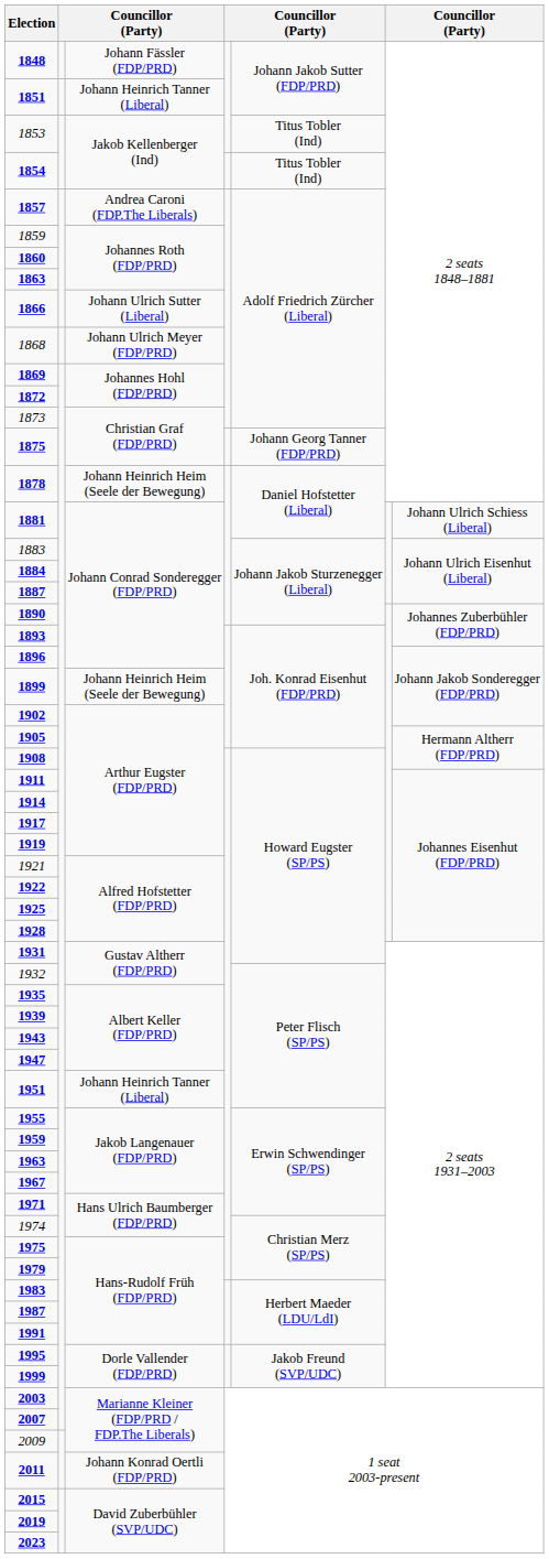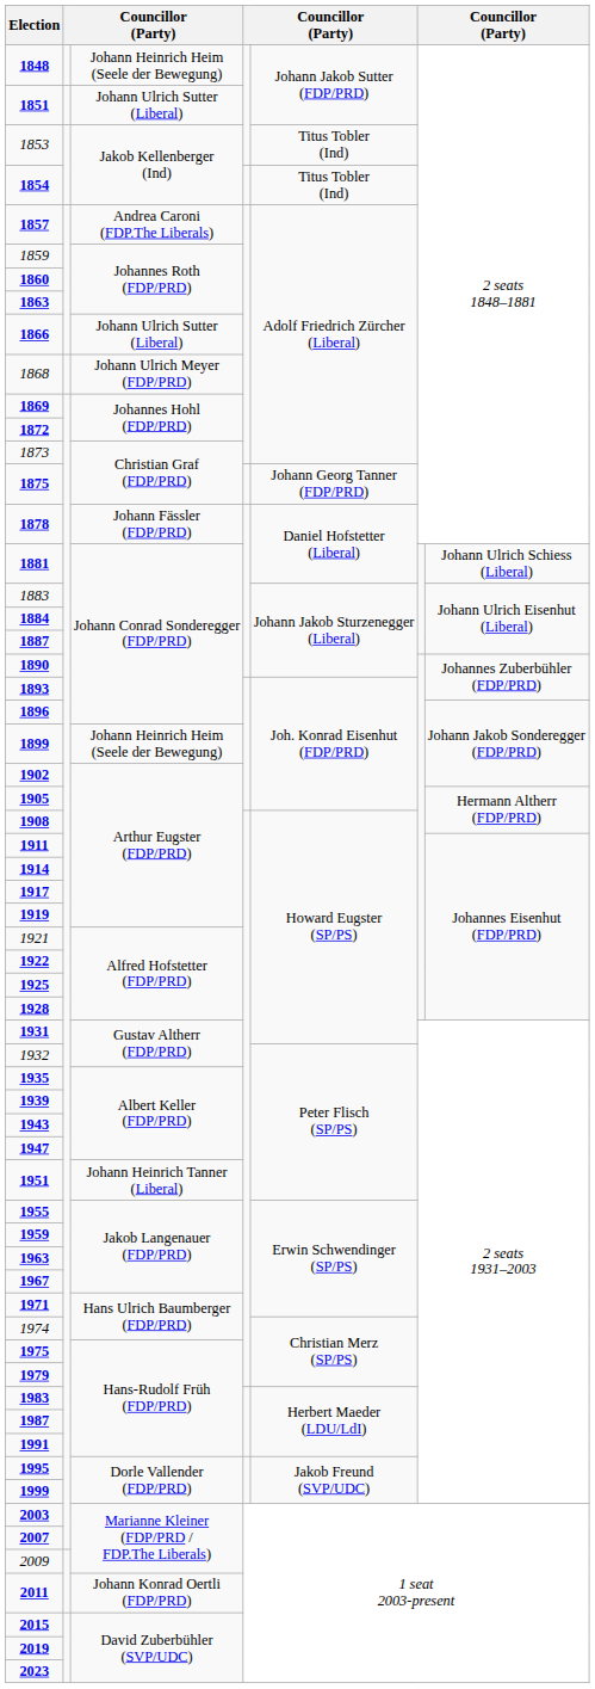 <table class="wikitable" style="text-align:center">
 <tr>
 <th>Election</th>
 <th colspan=2>Councillor<br>(Party)</th>
 <th colspan=2>Councillor<br>(Party)</th>
 <th colspan=2>Councillor<br>(Party)</th>
 </tr>
 <tr>
 <td><strong><a href='#'>1848</a></strong></td>
 <td rowspan=1; style="background-color: "></td>
-<td rowspan=1>Johann Fässler<br>(<a href='#'>FDP/PRD</a>)</td>
+<td rowspan=1>Johann Heinrich Heim<br>(Seele der Bewegung)</td>
 <td rowspan=3; style="background-color: "></td>
 <td rowspan=2>Johann Jakob Sutter<br>(<a href='#'>FDP/PRD</a>)</td>
 <td colspan="2" rowspan="15" style="background-color:#FFFFFF"><em>2 seats<br>1848–1881</em></td>
 </tr>
 <tr>
 <td><strong><a href='#'>1851</a></strong></td>
 <td rowspan=1; style="background-color: "></td>
-<td rowspan=1>Johann Heinrich Tanner<br>(<a href='#'>Liberal</a>)</td>
+<td rowspan=1>Johann Ulrich Sutter<br>(<a href='#'>Liberal</a>)</td>
 </tr>
 <tr>
 <td><em>1853</em></td>
 <td rowspan=2; style="background-color: "></td>
 <td rowspan=2>Jakob Kellenberger<br>(Ind)</td>
 <td rowspan=1>Titus Tobler<br>(Ind)</td>
 </tr>
 <tr>
 <td><strong><a href='#'>1854</a></strong></td>
 <td rowspan=1; style="background-color: "></td>
 <td rowspan=1>Titus Tobler<br>(Ind)</td>
 </tr>
 <tr>
 <td><strong><a href='#'>1857</a></strong></td>
 <td rowspan=5; style="background-color: "></td>
 <td rowspan=1>Andrea Caroni<br>(<a href='#'>FDP.The Liberals</a>)</td>
 <td rowspan=9; style="background-color: "></td>
 <td rowspan=9>Adolf Friedrich Zürcher<br>(<a href='#'>Liberal</a>)</td>
 </tr>
 <tr>
 <td><em>1859</em></td>
 <td rowspan=3>Johannes Roth<br>(<a href='#'>FDP/PRD</a>)</td>
 </tr>
 <tr>
 <td><strong><a href='#'>1860</a></strong></td>
 </tr>
 <tr>
 <td><strong><a href='#'>1863</a></strong></td>
 </tr>
 <tr>
 <td><strong><a href='#'>1866</a></strong></td>
 <td rowspan=1>Johann Ulrich Sutter<br>(<a href='#'>Liberal</a>)</td>
 </tr>
 <tr>
 <td><em>1868</em></td>
 <td rowspan=1; style="background-color: "></td>
 <td rowspan=1>Johann Ulrich Meyer<br>(<a href='#'>FDP/PRD</a>)</td>
 </tr>
 <tr>
 <td><strong><a href='#'>1869</a></strong></td>
 <td rowspan=46; style="background-color: "></td>
 <td rowspan=2>Johannes Hohl<br>(<a href='#'>FDP/PRD</a>)</td>
 </tr>
 <tr>
 <td><strong><a href='#'>1872</a></strong></td>
 </tr>
 <tr>
 <td><em>1873</em></td>
 <td rowspan=2>Christian Graf<br>(<a href='#'>FDP/PRD</a>)</td>
 </tr>
 <tr>
 <td><strong><a href='#'>1875</a></strong></td>
 <td rowspan=1; style="background-color: "></td>
 <td rowspan=1>Johann Georg Tanner<br>(<a href='#'>FDP/PRD</a>)</td>
 </tr>
 <tr>
 <td><strong><a href='#'>1878</a></strong></td>
-<td rowspan=1>Johann Heinrich Heim<br>(Seele der Bewegung)</td>
+<td rowspan=1>Johann Fässler<br>(<a href='#'>FDP/PRD</a>)</td>
 <td rowspan=6; style="background-color: "></td>
 <td rowspan=2>Daniel Hofstetter<br>(<a href='#'>Liberal</a>)</td>
 </tr>
 <tr>
 <td><strong><a href='#'>1881</a></strong></td>
 <td rowspan=7>Johann Conrad Sonderegger<br>(<a href='#'>FDP/PRD</a>)</td>
 <td rowspan=4; style="background-color: "></td>
 <td rowspan=1>Johann Ulrich Schiess<br>(<a href='#'>Liberal</a>)</td>
 </tr>
 <tr>
 <td><em>1883</em></td>
 <td rowspan=4>Johann Jakob Sturzenegger<br>(<a href='#'>Liberal</a>)</td>
 <td rowspan=3>Johann Ulrich Eisenhut<br>(<a href='#'>Liberal</a>)</td>
 </tr>
 <tr>
 <td><strong><a href='#'>1884</a></strong></td>
 </tr>
 <tr>
 <td><strong><a href='#'>1887</a></strong></td>
 </tr>
 <tr>
 <td><strong><a href='#'>1890</a></strong></td>
 <td rowspan=15; style="background-color: "></td>
 <td rowspan=2>Johannes Zuberbühler<br>(<a href='#'>FDP/PRD</a>)</td>
 </tr>
 <tr>
 <td><strong><a href='#'>1893</a></strong></td>
 <td rowspan=5; style="background-color: "></td>
 <td rowspan=5>Joh. Konrad Eisenhut<br>(<a href='#'>FDP/PRD</a>)</td>
 </tr>
 <tr>
 <td><strong><a href='#'>1896</a></strong></td>
 <td rowspan=3>Johann Jakob Sonderegger<br>(<a href='#'>FDP/PRD</a>)</td>
 </tr>
 <tr>
 <td><strong><a href='#'>1899</a></strong></td>
 <td rowspan=1>Johann Heinrich Heim<br>(Seele der Bewegung)</td>
 </tr>
 <tr>
 <td><strong><a href='#'>1902</a></strong></td>
 <td rowspan=7>Arthur Eugster<br>(<a href='#'>FDP/PRD</a>)</td>
 </tr>
 <tr>
 <td><strong><a href='#'>1905</a></strong></td>
 <td rowspan=2>Hermann Altherr<br>(<a href='#'>FDP/PRD</a>)</td>
 </tr>
 <tr>
 <td><strong><a href='#'>1908</a></strong></td>
 <td rowspan=24; style="background-color: "></td>
 <td rowspan=10>Howard Eugster<br>(<a href='#'>SP/PS</a>)</td>
 </tr>
 <tr>
 <td><strong><a href='#'>1911</a></strong></td>
 <td rowspan=8>Johannes Eisenhut<br>(<a href='#'>FDP/PRD</a>)</td>
 </tr>
 <tr>
 <td><strong><a href='#'>1914</a></strong></td>
 </tr>
 <tr>
 <td><strong><a href='#'>1917</a></strong></td>
 </tr>
 <tr>
 <td><strong><a href='#'>1919</a></strong></td>
 </tr>
 <tr>
 <td><em>1921</em></td>
 <td rowspan=4>Alfred Hofstetter<br>(<a href='#'>FDP/PRD</a>)</td>
 </tr>
 <tr>
 <td><strong><a href='#'>1922</a></strong></td>
 </tr>
 <tr>
 <td><strong><a href='#'>1925</a></strong></td>
 </tr>
 <tr>
 <td><strong><a href='#'>1928</a></strong></td>
 </tr>
 <tr>
 <td><strong><a href='#'>1931</a></strong></td>
 <td rowspan=2>Gustav Altherr<br>(<a href='#'>FDP/PRD</a>)</td>
 <td colspan="2" rowspan="20" style="background-color:#FFFFFF"><em>2 seats<br>1931–2003</em></td>
 </tr>
 <tr>
 <td><em>1932</em></td>
 <td rowspan=6>Peter Flisch<br>(<a href='#'>SP/PS</a>)</td>
 </tr>
 <tr>
 <td><strong><a href='#'>1935</a></strong></td>
 <td rowspan=4>Albert Keller<br>(<a href='#'>FDP/PRD</a>)</td>
 </tr>
 <tr>
 <td><strong><a href='#'>1939</a></strong></td>
 </tr>
 <tr>
 <td><strong><a href='#'>1943</a></strong></td>
 </tr>
 <tr>
 <td><strong><a href='#'>1947</a></strong></td>
 </tr>
 <tr>
 <td><strong><a href='#'>1951</a></strong></td>
 <td rowspan=1>Johann Heinrich Tanner<br>(<a href='#'>Liberal</a>)</td>
 </tr>
 <tr>
 <td><strong><a href='#'>1955</a></strong></td>
 <td rowspan=4>Jakob Langenauer<br>(<a href='#'>FDP/PRD</a>)</td>
 <td rowspan=5>Erwin Schwendinger<br>(<a href='#'>SP/PS</a>)</td>
 </tr>
 <tr>
 <td><strong><a href='#'>1959</a></strong></td>
 </tr>
 <tr>
 <td><strong><a href='#'>1963</a></strong></td>
 </tr>
 <tr>
 <td><strong><a href='#'>1967</a></strong></td>
 </tr>
 <tr>
 <td><strong><a href='#'>1971</a></strong></td>
 <td rowspan=2>Hans Ulrich Baumberger<br>(<a href='#'>FDP/PRD</a>)</td>
 </tr>
 <tr>
 <td><em>1974</em></td>
 <td rowspan=3>Christian Merz<br>(<a href='#'>SP/PS</a>)</td>
 </tr>
 <tr>
 <td><strong><a href='#'>1975</a></strong></td>
 <td rowspan=5>Hans-Rudolf Früh<br>(<a href='#'>FDP/PRD</a>)</td>
 </tr>
 <tr>
 <td><strong><a href='#'>1979</a></strong></td>
 </tr>
 <tr>
 <td><strong><a href='#'>1983</a></strong></td>
 <td rowspan=3; style="background-color: "></td>
 <td rowspan=3>Herbert Maeder<br>(<a href='#'>LDU/LdI</a>)</td>
 </tr>
 <tr>
 <td><strong><a href='#'>1987</a></strong></td>
 </tr>
 <tr>
 <td><strong><a href='#'>1991</a></strong></td>
 </tr>
 <tr>
 <td><strong><a href='#'>1995</a></strong></td>
 <td rowspan=2>Dorle Vallender<br>(<a href='#'>FDP/PRD</a>)</td>
 <td rowspan=2; style="background-color: "></td>
 <td rowspan=2>Jakob Freund<br>(<a href='#'>SVP/UDC</a>)</td>
 </tr>
 <tr>
 <td><strong><a href='#'>1999</a></strong></td>
 </tr>
 <tr>
 <td><strong><a href='#'>2003</a></strong></td>
 <td rowspan=3><a href='#'>Marianne Kleiner</a><br>(<a href='#'>FDP/PRD</a> /<br><a href='#'>FDP.The Liberals</a>)</td>
 <td colspan="4" rowspan="7" style="background-color:#FFFFFF"><em>1 seat<br>2003-present</em></td>
 </tr>
 <tr>
 <td><strong><a href='#'>2007</a></strong></td>
 </tr>
 <tr>
 <td><em>2009</em></td>
 <td rowspan=2; style="background-color: "></td>
 </tr>
 <tr>
 <td><strong><a href='#'>2011</a></strong></td>
 <td rowspan=1>Johann Konrad Oertli<br>(<a href='#'>FDP/PRD</a>)</td>
 </tr>
 <tr>
 <td><strong><a href='#'>2015</a></strong></td>
 <td rowspan=3; style="background-color: "></td>
 <td rowspan=3>David Zuberbühler<br>(<a href='#'>SVP/UDC</a>)</td>
 </tr>
 <tr>
 <td><strong><a href='#'>2019</a></strong></td>
 </tr>
 <tr>
 <td><strong><a href='#'>2023</a></strong></td>
 </tr>
 </table>
